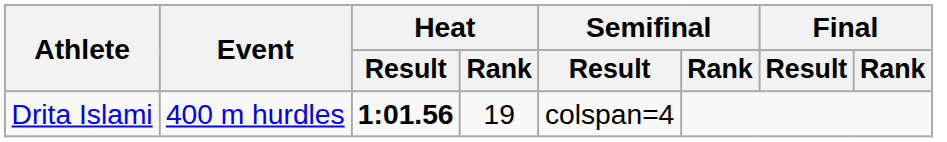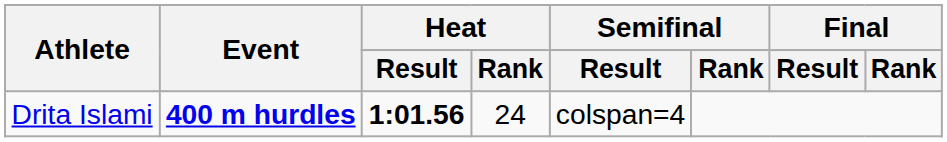 <table class="wikitable" style="font-size:90%">
 <tr>
 <th rowspan="2">Athlete</th>
 <th rowspan="2">Event</th>
 <th colspan="2">Heat</th>
 <th colspan="2">Semifinal</th>
 <th colspan="2">Final</th>
 </tr>
 <tr style="font-size:95%">
 <th>Result</th>
 <th>Rank</th>
 <th>Result</th>
 <th>Rank</th>
 <th>Result</th>
 <th>Rank</th>
 </tr>
 <tr align=center>
 <td align=left><a href='#'>Drita Islami</a></td>
-<td align=left><a href='#'>400 m hurdles</a></td>
+<td align=left><strong><a href='#'>400 m hurdles</a></strong></td>
 <td><strong>1:01.56</strong></td>
-<td>19</td>
+<td>24</td>
 <td>colspan=4 </td>
 </tr>
 </table>
